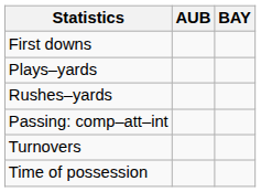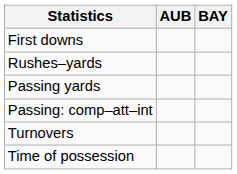 <table class="wikitable" style="float:left">
 <tr>
 <th>Statistics</th>
 <th>AUB</th>
 <th>BAY</th>
 </tr>
 <tr>
 <td>First downs</td>
 <td></td>
 <td></td>
 </tr>
 <tr>
-<td>Plays–yards</td>
+<td>Rushes–yards</td>
 <td></td>
 <td></td>
 </tr>
 <tr>
-<td>Rushes–yards</td>
+<td>Passing yards</td>
 <td></td>
 <td></td>
 </tr>
 <tr>
 <td>Passing: comp–att–int</td>
 <td></td>
 <td></td>
 </tr>
 <tr>
 <td>Turnovers</td>
 <td></td>
 <td></td>
 </tr>
 <tr>
 <td>Time of possession</td>
 <td></td>
 <td></td>
 </tr>
 </table>
